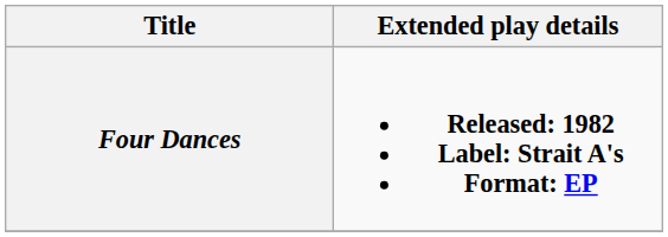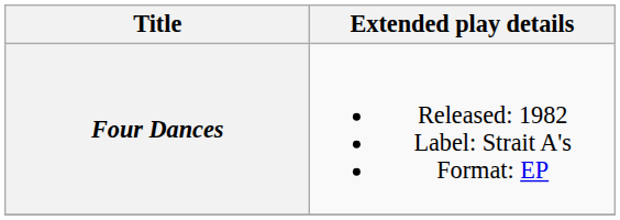 <table class="wikitable plainrowheaders" style="text-align:center;" border="1">
 <tr>
 <th scope="col" style="width:12em;">Title</th>
 <th scope="col" style="width:12em;">Extended play details</th>
 </tr>
 <tr>
 <th scope="row"><em>Four Dances</em></th>
-<td><strong><br><ul><li>Released: 1982</li><li>Label: Strait A's</li><li>Format: <a href='#'>EP</a></li></ul></strong></td>
+<td><br><ul><li>Released: 1982</li><li>Label: Strait A's</li><li>Format: <a href='#'>EP</a></li></ul></td>
 </tr>
 <tr>
 </tr>
 </table>
